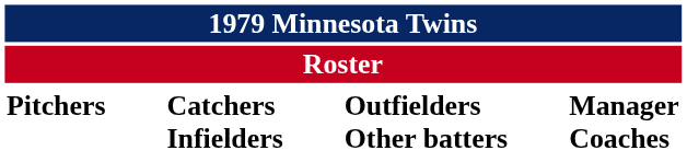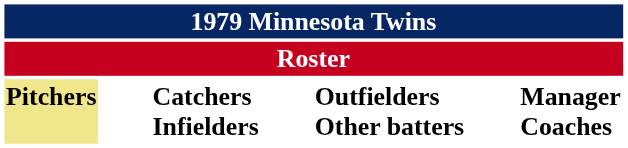 <table class="toccolours" style="font-size: 95%;">
 <tr>
 <th colspan="10" style="background-color: #072764; color: white; text-align: center;">1979 Minnesota Twins</th>
 </tr>
 <tr>
 <td colspan="10" style="background-color: #c6011f; color: white; text-align: center;"><strong>Roster</strong></td>
 </tr>
 <tr>
-<td valign="top"><strong>Pitchers</strong><br>              </td>
+<td valign="top" style="background: khaki;"><strong>Pitchers</strong><br>              </td>
 <td width="25px"></td>
 <td valign="top"><strong>Catchers</strong><br>  <strong>Infielders</strong>         </td>
 <td width="25px"></td>
 <td valign="top"><strong>Outfielders</strong><br>        <strong>Other batters</strong>  </td>
 <td width="25px"></td>
 <td valign="top"><strong>Manager</strong><br> <strong>Coaches</strong>    </td>
 </tr>
 <tr>
 </tr>
 </table>
